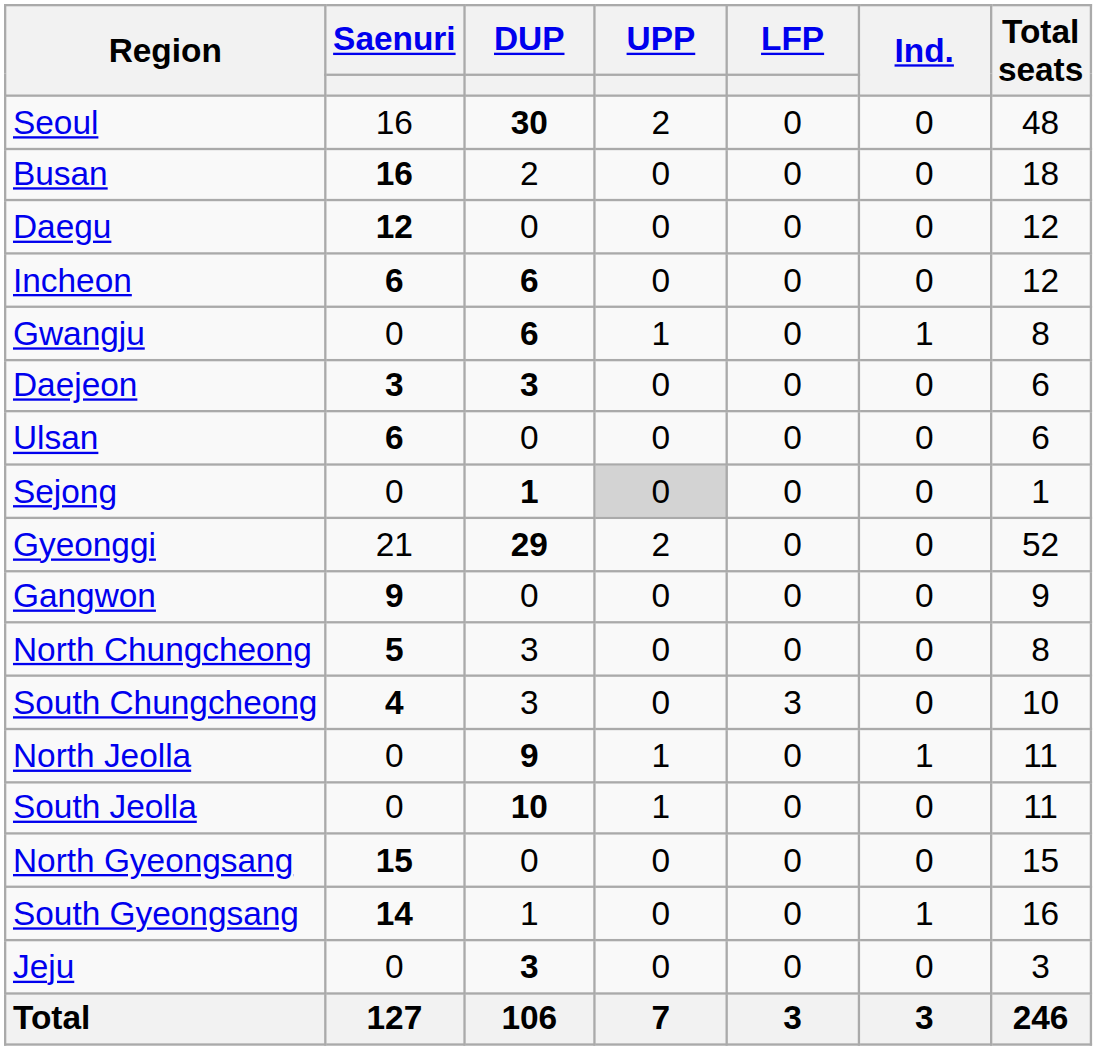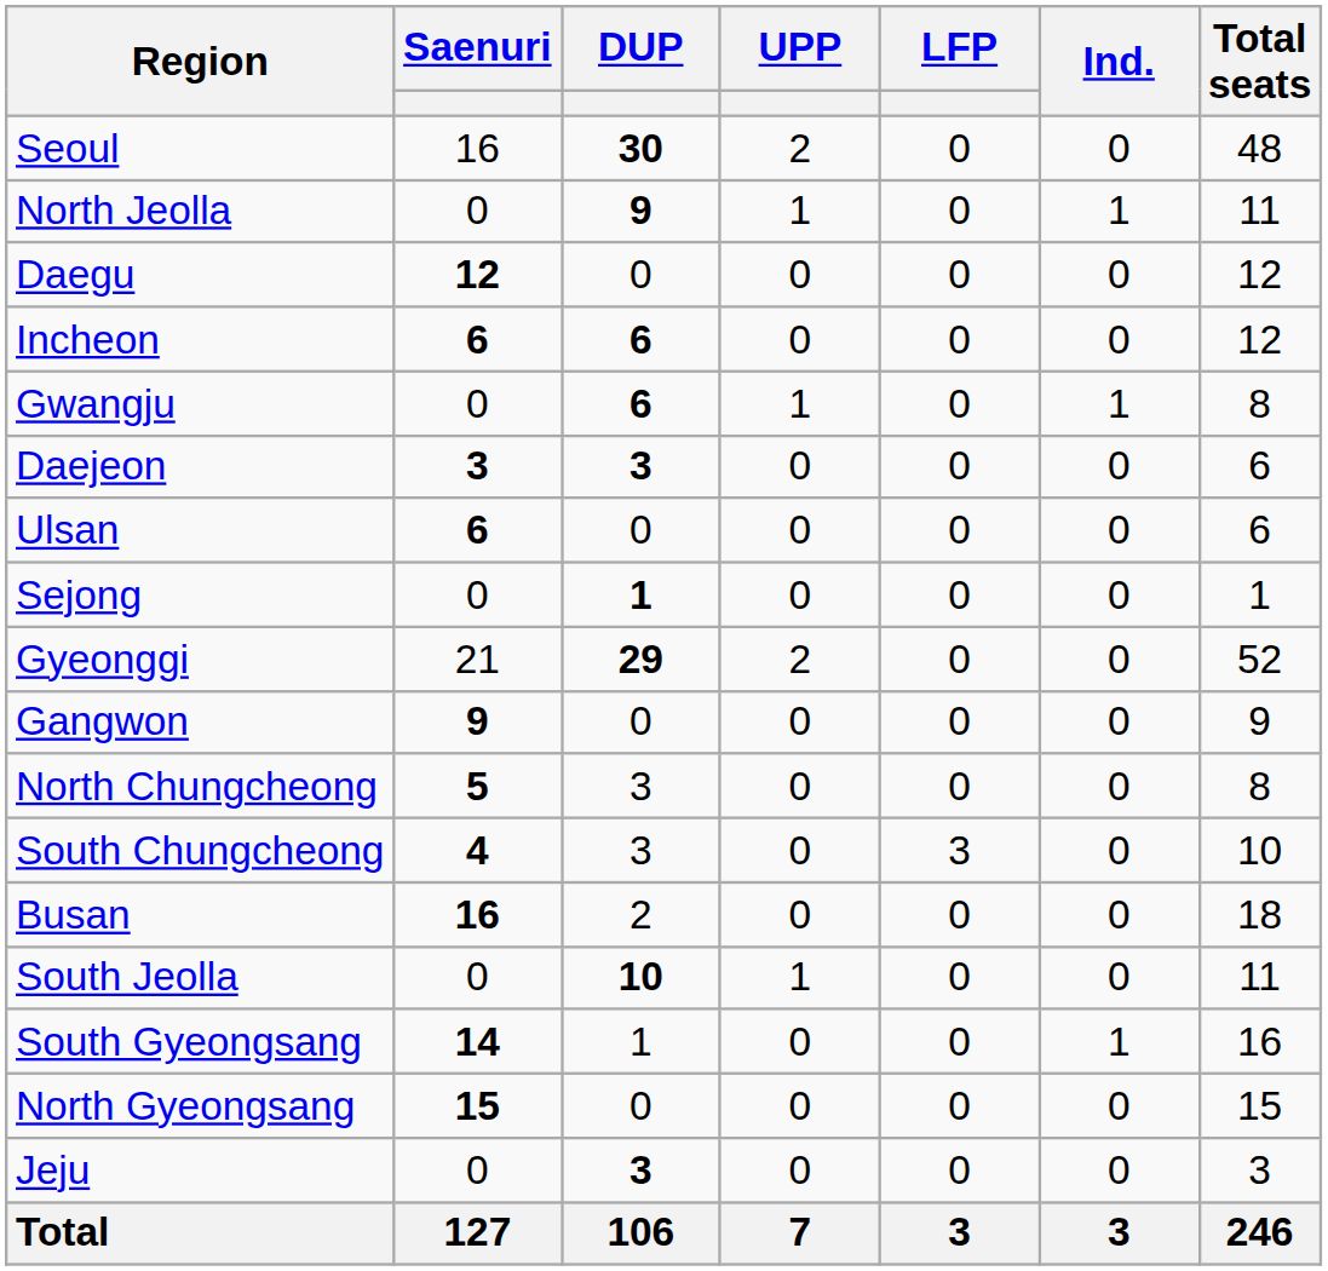 <table class="wikitable nowrap sortable" style="text-align:center; font-size:90%">
 <tr>
 <th rowspan="2">Region</th>
 <th style="width:50px" class="unsortable"><a href='#'>Saenuri</a></th>
 <th style="width:50px" class="unsortable"><a href='#'>DUP</a></th>
 <th style="width:50px" class="unsortable"><a href='#'>UPP</a></th>
 <th style="width:50px" class="unsortable"><a href='#'>LFP</a></th>
 <th rowspan="2" style="width:50px" class="unsortable"><a href='#'>Ind.</a></th>
 <th rowspan="2">Total<br>seats</th>
 </tr>
 <tr>
 <th style="background:"></th>
 <th style="background:"></th>
 <th style="background:"></th>
 <th style="background:"></th>
 </tr>
 <tr>
 <td style="text-align:left"><a href='#'>Seoul</a></td>
 <td>16</td>
 <td><strong>30</strong></td>
 <td>2</td>
 <td>0</td>
 <td>0</td>
 <td>48</td>
 </tr>
 <tr>
-<td style="text-align:left"><a href='#'>Busan</a></td>
-<td><strong>16</strong></td>
-<td>2</td>
+<td style="text-align:left" data-sort-value="Jeolla N"><a href='#'>North Jeolla</a></td>
 <td>0</td>
+<td><strong>9</strong></td>
+<td>1</td>
 <td>0</td>
-<td>0</td>
-<td>18</td>
+<td>1</td>
+<td>11</td>
 </tr>
 <tr>
 <td style="text-align:left"><a href='#'>Daegu</a></td>
 <td><strong>12</strong></td>
 <td>0</td>
 <td>0</td>
 <td>0</td>
 <td>0</td>
 <td>12</td>
 </tr>
 <tr>
 <td style="text-align:left"><a href='#'>Incheon</a></td>
 <td><strong>6</strong></td>
 <td><strong>6</strong></td>
 <td>0</td>
 <td>0</td>
 <td>0</td>
 <td>12</td>
 </tr>
 <tr>
 <td style="text-align:left"><a href='#'>Gwangju</a></td>
 <td>0</td>
 <td><strong>6</strong></td>
 <td>1</td>
 <td>0</td>
 <td>1</td>
 <td>8</td>
 </tr>
 <tr>
 <td style="text-align:left"><a href='#'>Daejeon</a></td>
 <td><strong>3</strong></td>
 <td><strong>3</strong></td>
 <td>0</td>
 <td>0</td>
 <td>0</td>
 <td>6</td>
 </tr>
 <tr>
 <td style="text-align:left"><a href='#'>Ulsan</a></td>
 <td><strong>6</strong></td>
 <td>0</td>
 <td>0</td>
 <td>0</td>
 <td>0</td>
 <td>6</td>
 </tr>
 <tr>
 <td style="text-align:left"><a href='#'>Sejong</a></td>
 <td>0</td>
 <td><strong>1</strong></td>
-<td style="background: lightgrey;">0</td>
+<td>0</td>
 <td>0</td>
 <td>0</td>
 <td>1</td>
 </tr>
 <tr>
 <td style="text-align:left"><a href='#'>Gyeonggi</a></td>
 <td>21</td>
 <td><strong>29</strong></td>
 <td>2</td>
 <td>0</td>
 <td>0</td>
 <td>52</td>
 </tr>
 <tr>
 <td style="text-align:left"><a href='#'>Gangwon</a></td>
 <td><strong>9</strong></td>
 <td>0</td>
 <td>0</td>
 <td>0</td>
 <td>0</td>
 <td>9</td>
 </tr>
 <tr>
 <td style="text-align:left" data-sort-value="Chungcheong N"><a href='#'>North Chungcheong</a></td>
 <td><strong>5</strong></td>
 <td>3</td>
 <td>0</td>
 <td>0</td>
 <td>0</td>
 <td>8</td>
 </tr>
 <tr>
 <td style="text-align:left" data-sort-value="Chungcheong S"><a href='#'>South Chungcheong</a></td>
 <td><strong>4</strong></td>
 <td>3</td>
 <td>0</td>
 <td>3</td>
 <td>0</td>
 <td>10</td>
 </tr>
 <tr>
-<td style="text-align:left" data-sort-value="Jeolla N"><a href='#'>North Jeolla</a></td>
+<td style="text-align:left"><a href='#'>Busan</a></td>
+<td><strong>16</strong></td>
+<td>2</td>
 <td>0</td>
-<td><strong>9</strong></td>
-<td>1</td>
 <td>0</td>
-<td>1</td>
-<td>11</td>
+<td>0</td>
+<td>18</td>
 </tr>
 <tr>
 <td style="text-align:left" data-sort-value="Jeolla S"><a href='#'>South Jeolla</a></td>
 <td>0</td>
 <td><strong>10</strong></td>
 <td>1</td>
 <td>0</td>
 <td>0</td>
 <td>11</td>
 </tr>
 <tr>
+<td style="text-align:left" data-sort-value="Gyeongsang S"><a href='#'>South Gyeongsang</a></td>
+<td><strong>14</strong></td>
+<td>1</td>
+<td>0</td>
+<td>0</td>
+<td>1</td>
+<td>16</td>
+</tr>
+<tr>
 <td style="text-align:left" data-sort-value="Gyeongsang N"><a href='#'>North Gyeongsang</a></td>
 <td><strong>15</strong></td>
 <td>0</td>
 <td>0</td>
 <td>0</td>
 <td>0</td>
 <td>15</td>
-</tr>
-<tr>
-<td style="text-align:left" data-sort-value="Gyeongsang S"><a href='#'>South Gyeongsang</a></td>
-<td><strong>14</strong></td>
-<td>1</td>
-<td>0</td>
-<td>0</td>
-<td>1</td>
-<td>16</td>
 </tr>
 <tr>
 <td style="text-align:left"><a href='#'>Jeju</a></td>
 <td>0</td>
 <td><strong>3</strong></td>
 <td>0</td>
 <td>0</td>
 <td>0</td>
 <td>3</td>
 </tr>
 <tr class="sortbottom">
 <th style="text-align:left">Total</th>
 <th>127</th>
 <th>106</th>
 <th>7</th>
 <th>3</th>
 <th>3</th>
 <th>246</th>
 </tr>
 </table>
